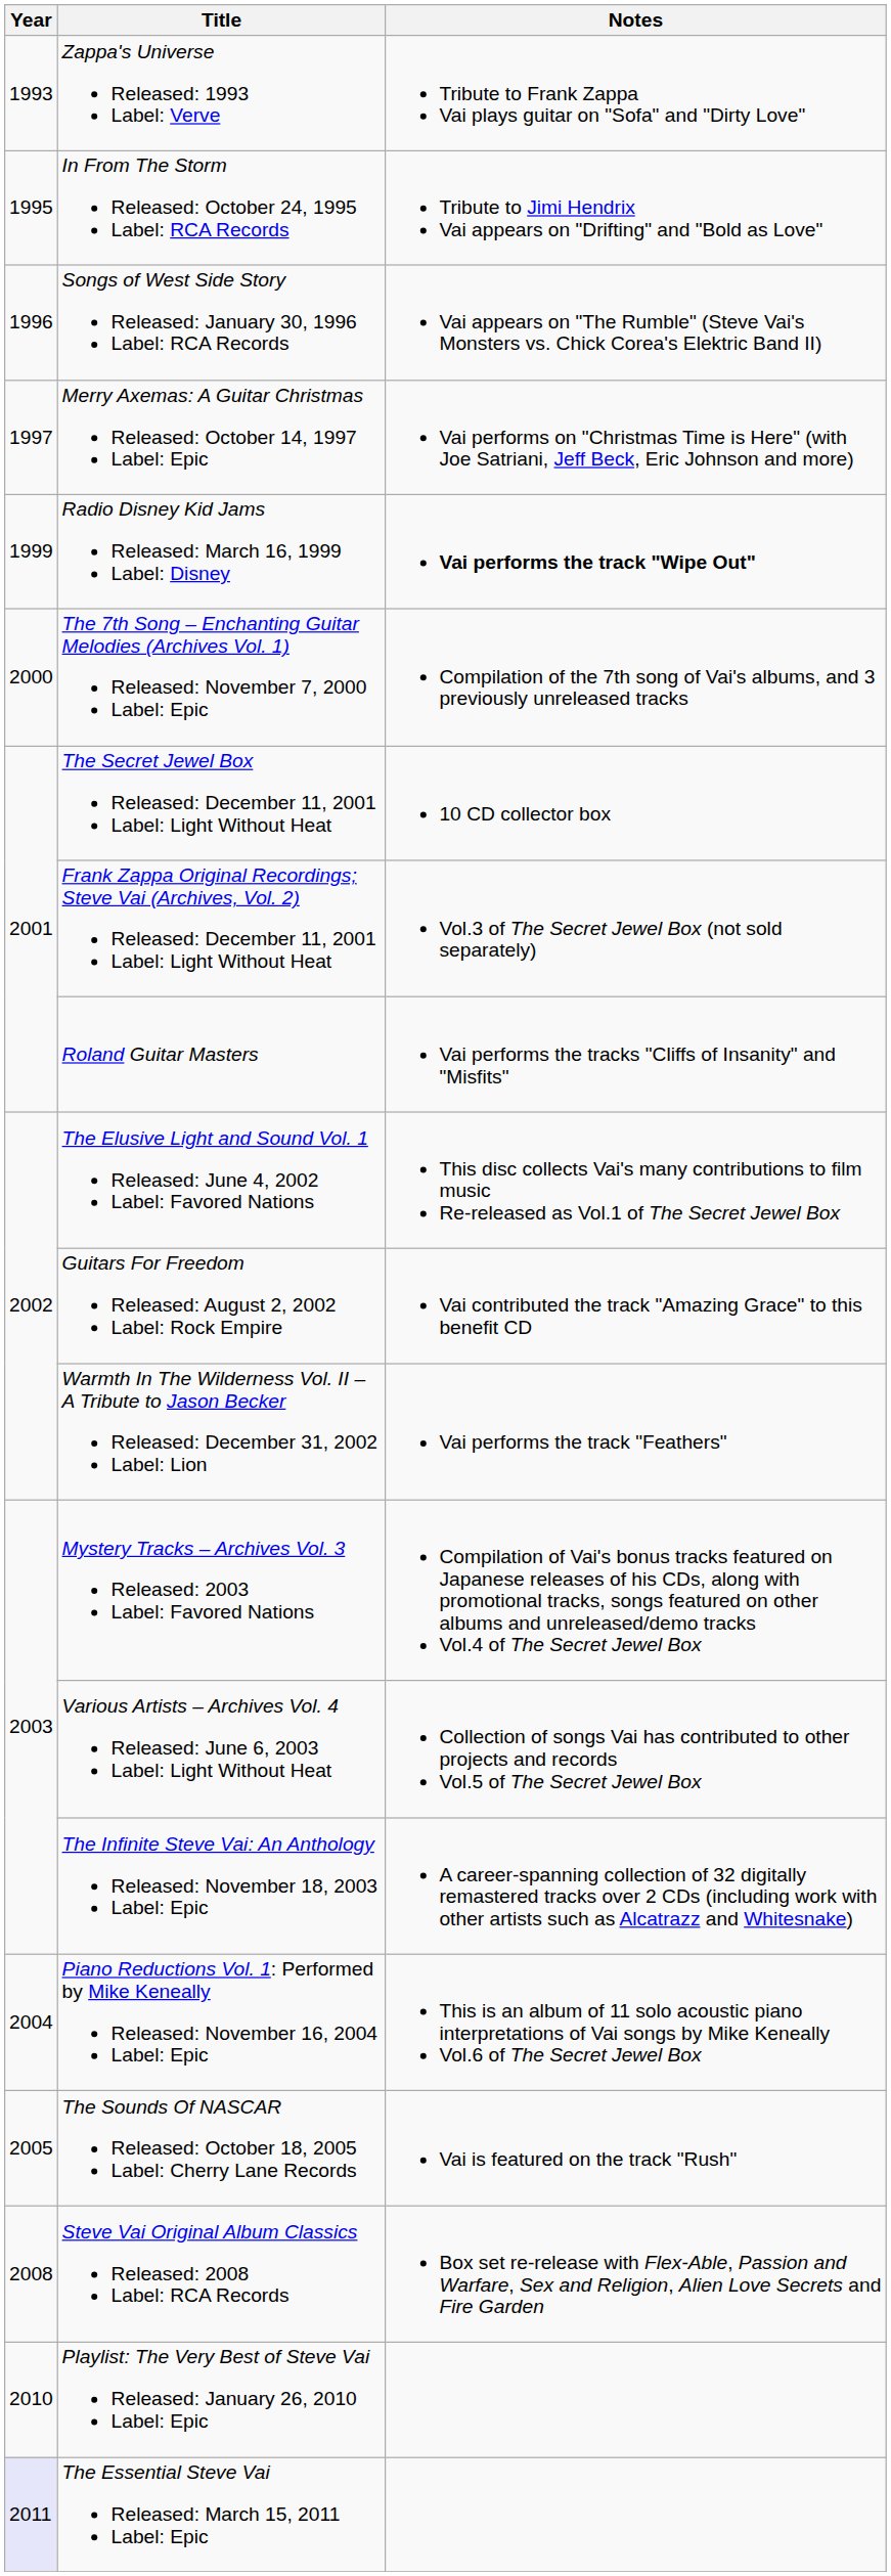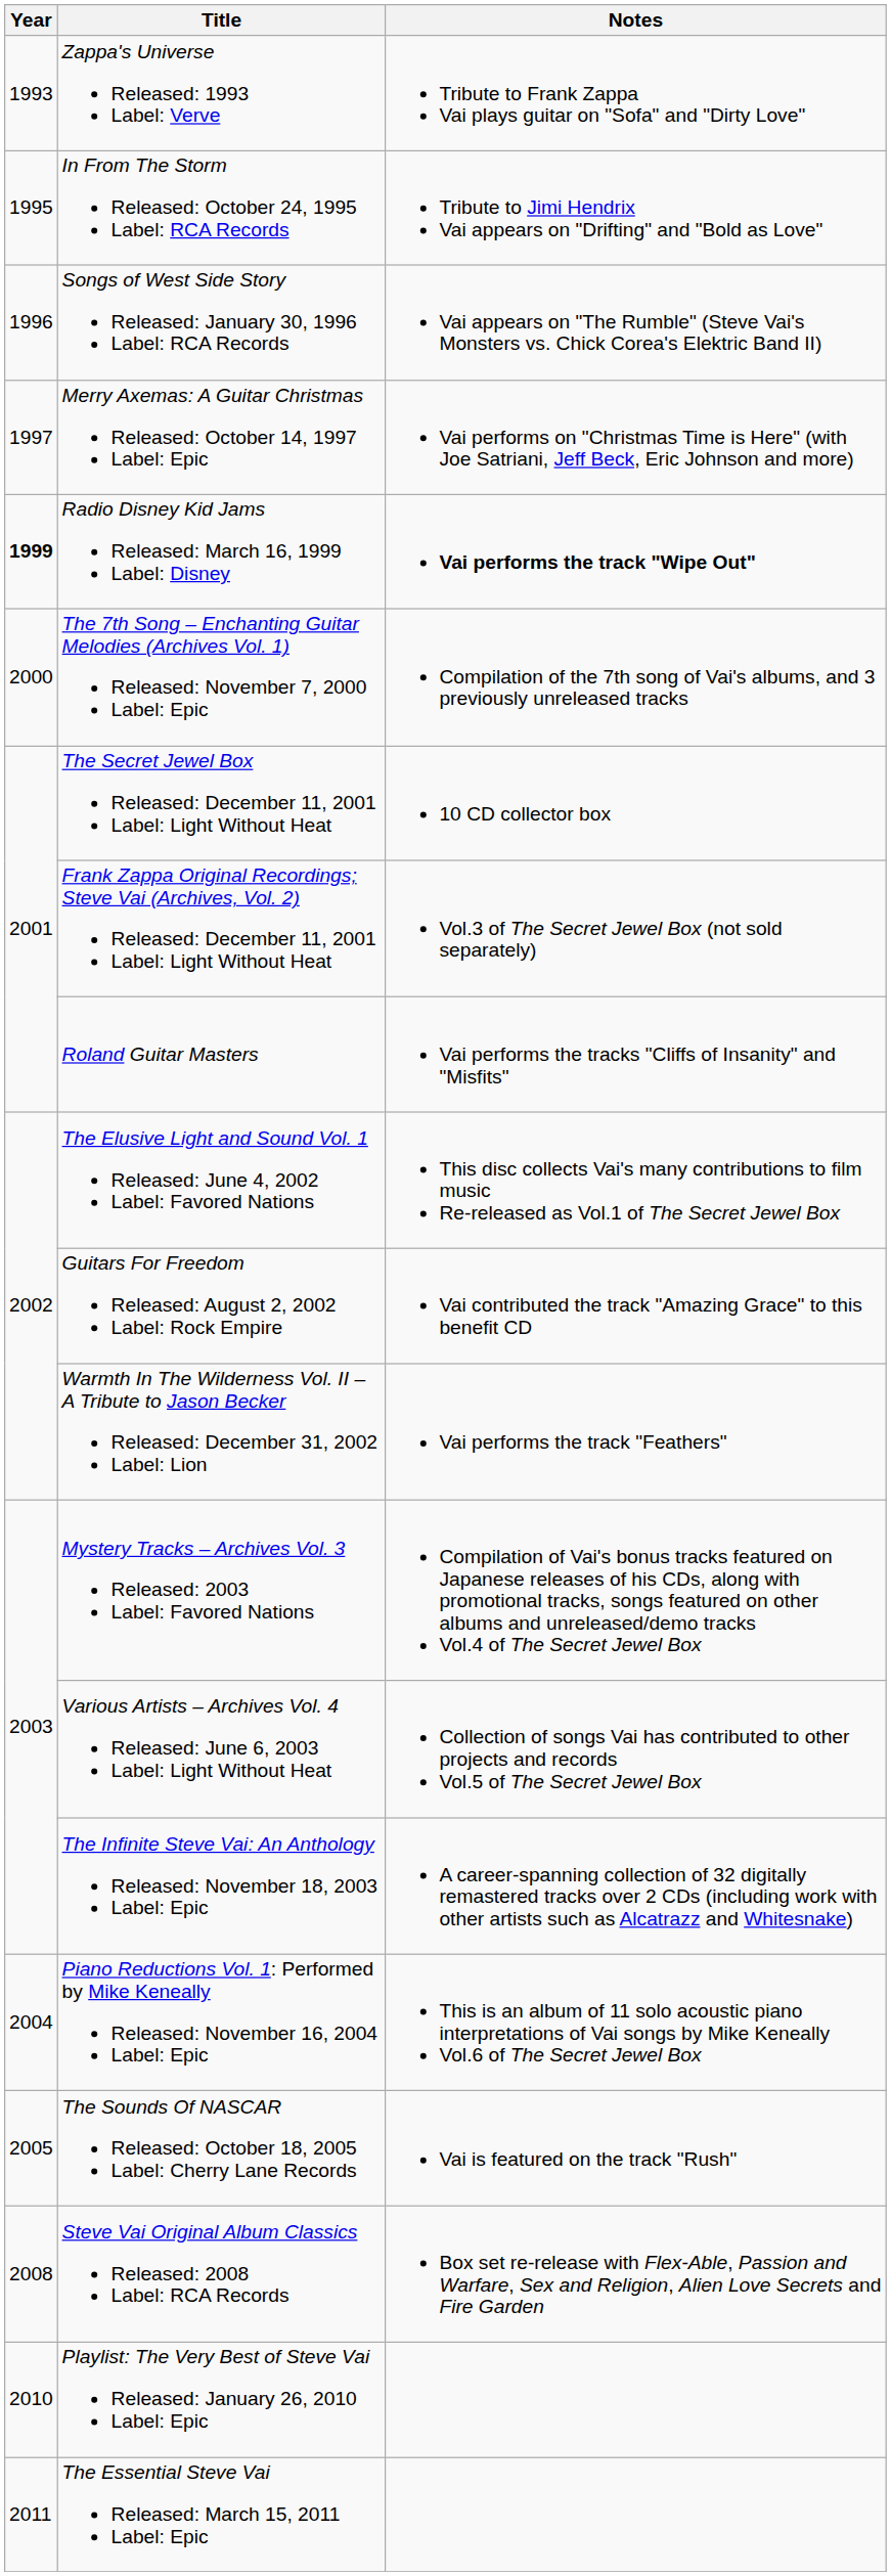 <table class="wikitable">
 <tr>
 <th width="33">Year</th>
 <th style="width:260px;">Title</th>
 <th style="width:400px;">Notes</th>
 </tr>
 <tr>
 <td>1993</td>
 <td><em>Zappa's Universe</em><br><ul><li>Released: 1993</li><li>Label: <a href='#'>Verve</a></li></ul></td>
 <td><br><ul><li>Tribute to Frank Zappa</li><li>Vai plays guitar on "Sofa" and "Dirty Love"</li></ul></td>
 </tr>
 <tr>
 <td>1995</td>
 <td><em>In From The Storm</em><br><ul><li>Released: October 24, 1995</li><li>Label: <a href='#'>RCA Records</a></li></ul></td>
 <td><br><ul><li>Tribute to <a href='#'>Jimi Hendrix</a></li><li>Vai appears on "Drifting" and "Bold as Love"</li></ul></td>
 </tr>
 <tr>
 <td>1996</td>
 <td><em>Songs of West Side Story</em><br><ul><li>Released: January 30, 1996</li><li>Label: RCA Records</li></ul></td>
 <td><br><ul><li>Vai appears on "The Rumble" (Steve Vai's Monsters vs. Chick Corea's Elektric Band II)</li></ul></td>
 </tr>
 <tr>
 <td>1997</td>
 <td><em>Merry Axemas: A Guitar Christmas</em><br><ul><li>Released: October 14, 1997</li><li>Label: Epic</li></ul></td>
 <td><br><ul><li>Vai performs on "Christmas Time is Here" (with Joe Satriani, <a href='#'>Jeff Beck</a>, Eric Johnson and more)</li></ul></td>
 </tr>
 <tr>
-<td>1999</td>
+<td><strong>1999</strong></td>
 <td><em>Radio Disney Kid Jams</em><br><ul><li>Released: March 16, 1999</li><li>Label: <a href='#'>Disney</a></li></ul></td>
 <td><strong><br><ul><li>Vai performs the track "Wipe Out"</li></ul></strong></td>
 </tr>
 <tr>
 <td>2000</td>
 <td><em><a href='#'>The 7th Song – Enchanting Guitar Melodies (Archives Vol. 1)</a></em><br><ul><li>Released: November 7, 2000</li><li>Label: Epic</li></ul></td>
 <td><br><ul><li>Compilation of the 7th song of Vai's albums, and 3 previously unreleased tracks</li></ul></td>
 </tr>
 <tr>
 <td rowspan="3">2001</td>
 <td><em><a href='#'>The Secret Jewel Box</a></em><br><ul><li>Released: December 11, 2001</li><li>Label: Light Without Heat</li></ul></td>
 <td><br><ul><li>10 CD collector box</li></ul></td>
 </tr>
 <tr>
 <td><em><a href='#'>Frank Zappa Original Recordings; Steve Vai (Archives, Vol. 2)</a></em><br><ul><li>Released: December 11, 2001</li><li>Label: Light Without Heat</li></ul></td>
 <td><br><ul><li>Vol.3 of <em>The Secret Jewel Box</em> (not sold separately)</li></ul></td>
 </tr>
 <tr>
 <td><em><a href='#'>Roland</a> Guitar Masters</em></td>
 <td><br><ul><li>Vai performs the tracks "Cliffs of Insanity" and "Misfits"</li></ul></td>
 </tr>
 <tr>
 <td rowspan="3">2002</td>
 <td><em><a href='#'>The Elusive Light and Sound Vol. 1</a></em><br><ul><li>Released: June 4, 2002</li><li>Label: Favored Nations</li></ul></td>
 <td><br><ul><li>This disc collects Vai's many contributions to film music</li><li>Re-released as Vol.1 of <em>The Secret Jewel Box</em></li></ul></td>
 </tr>
 <tr>
 <td><em>Guitars For Freedom</em><br><ul><li>Released: August 2, 2002</li><li>Label: Rock Empire</li></ul></td>
 <td><br><ul><li>Vai contributed the track "Amazing Grace" to this benefit CD</li></ul></td>
 </tr>
 <tr>
 <td><em>Warmth In The Wilderness Vol. II – A Tribute to <a href='#'>Jason Becker</a></em><br><ul><li>Released: December 31, 2002</li><li>Label: Lion</li></ul></td>
 <td><br><ul><li>Vai performs the track "Feathers"</li></ul></td>
 </tr>
 <tr>
 <td rowspan="3">2003</td>
 <td><em><a href='#'>Mystery Tracks – Archives Vol. 3</a></em><br><ul><li>Released: 2003</li><li>Label: Favored Nations</li></ul></td>
 <td><br><ul><li>Compilation of Vai's bonus tracks featured on Japanese releases of his CDs, along with promotional tracks, songs featured on other albums and unreleased/demo tracks</li><li>Vol.4 of <em>The Secret Jewel Box</em></li></ul></td>
 </tr>
 <tr>
 <td><em>Various Artists – Archives Vol. 4</em><br><ul><li>Released: June 6, 2003</li><li>Label: Light Without Heat</li></ul></td>
 <td><br><ul><li>Collection of songs Vai has contributed to other projects and records</li><li>Vol.5 of <em>The Secret Jewel Box</em></li></ul></td>
 </tr>
 <tr>
 <td><em><a href='#'>The Infinite Steve Vai: An Anthology</a></em><br><ul><li>Released: November 18, 2003</li><li>Label: Epic</li></ul></td>
 <td><br><ul><li>A career-spanning collection of 32 digitally remastered tracks over 2 CDs (including work with other artists such as <a href='#'>Alcatrazz</a> and <a href='#'>Whitesnake</a>)</li></ul></td>
 </tr>
 <tr>
 <td>2004</td>
 <td><em><a href='#'>Piano Reductions Vol. 1</a></em>: Performed by <a href='#'>Mike Keneally</a><br><ul><li>Released: November 16, 2004</li><li>Label: Epic</li></ul></td>
 <td><br><ul><li>This is an album of 11 solo acoustic piano interpretations of Vai songs by Mike Keneally</li><li>Vol.6 of <em>The Secret Jewel Box</em></li></ul></td>
 </tr>
 <tr>
 <td>2005</td>
 <td><em>The Sounds Of NASCAR</em><br><ul><li>Released: October 18, 2005</li><li>Label: Cherry Lane Records</li></ul></td>
 <td><br><ul><li>Vai is featured on the track "Rush"</li></ul></td>
 </tr>
 <tr>
 <td>2008</td>
 <td><em><a href='#'>Steve Vai Original Album Classics</a></em><br><ul><li>Released: 2008</li><li>Label: RCA Records</li></ul></td>
 <td><br><ul><li>Box set re-release with <em>Flex-Able</em>, <em>Passion and Warfare</em>, <em>Sex and Religion</em>, <em>Alien Love Secrets</em> and <em>Fire Garden</em></li></ul></td>
 </tr>
 <tr>
 <td>2010</td>
 <td><em>Playlist: The Very Best of Steve Vai</em><br><ul><li>Released: January 26, 2010</li><li>Label: Epic</li></ul></td>
 <td></td>
 </tr>
 <tr>
-<td style="background: lavender;">2011</td>
+<td>2011</td>
 <td><em>The Essential Steve Vai</em><br><ul><li>Released: March 15, 2011</li><li>Label: Epic</li></ul></td>
 <td></td>
 </tr>
 </table>
